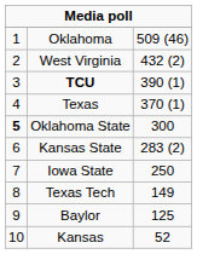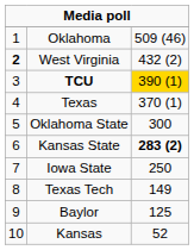 <table class="wikitable">
 <tr align="center">
 <td align="center" Colspan="3"><strong>Media poll</strong></td>
 </tr>
 <tr align="center">
 </tr>
 <tr align="center">
 <td>1</td>
 <td>Oklahoma</td>
 <td>509 (46)</td>
 </tr>
 <tr align="center">
-<td>2</td>
+<td><strong>2</strong></td>
 <td>West Virginia</td>
 <td>432 (2)</td>
 </tr>
 <tr align="center">
 <td>3</td>
 <td><strong>TCU</strong></td>
-<td>390 (1)</td>
+<td style="background: gold;">390 (1)</td>
 </tr>
 <tr align="center">
 <td>4</td>
 <td>Texas</td>
 <td>370 (1)</td>
 </tr>
 <tr align="center">
-<td><strong>5</strong></td>
+<td>5</td>
 <td>Oklahoma State</td>
 <td>300</td>
 </tr>
 <tr align="center">
 <td>6</td>
 <td>Kansas State</td>
-<td>283 (2)</td>
+<td><strong>283 (2)</strong></td>
 </tr>
 <tr align="center">
 <td>7</td>
 <td>Iowa State</td>
 <td>250</td>
 </tr>
 <tr align="center">
 <td>8</td>
 <td>Texas Tech</td>
 <td>149</td>
 </tr>
 <tr align="center">
 <td>9</td>
 <td>Baylor</td>
 <td>125</td>
 </tr>
 <tr align="center">
 <td>10</td>
 <td>Kansas</td>
 <td>52</td>
 </tr>
 </table>
